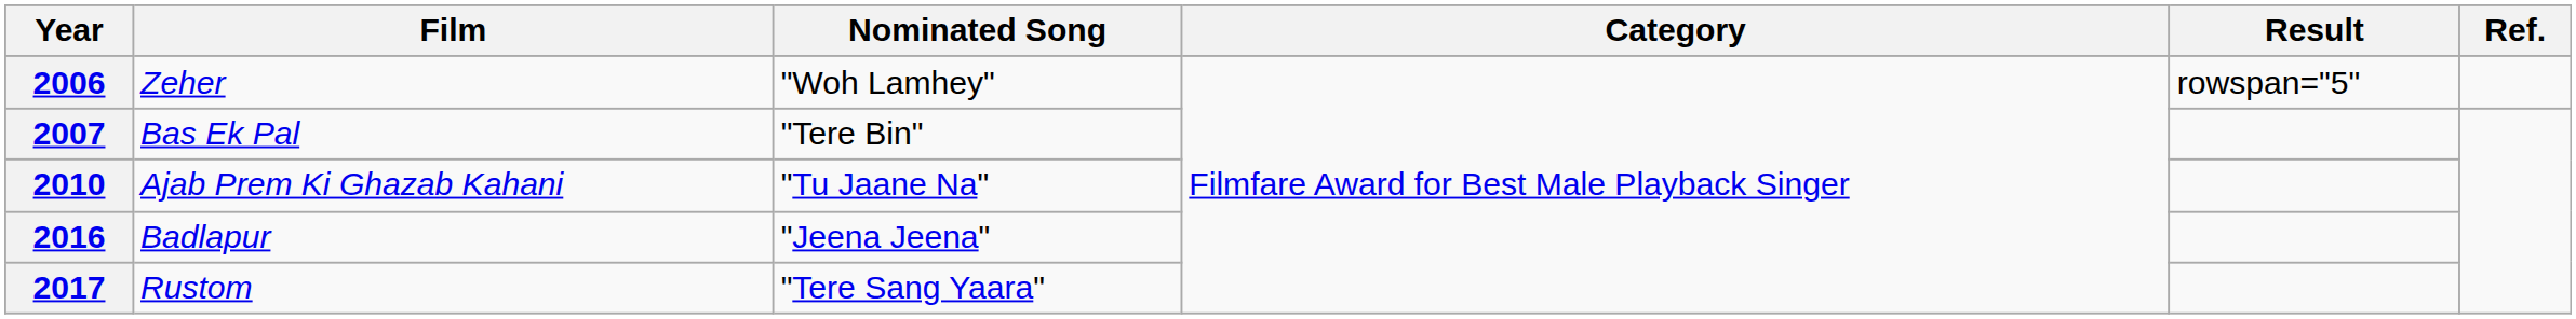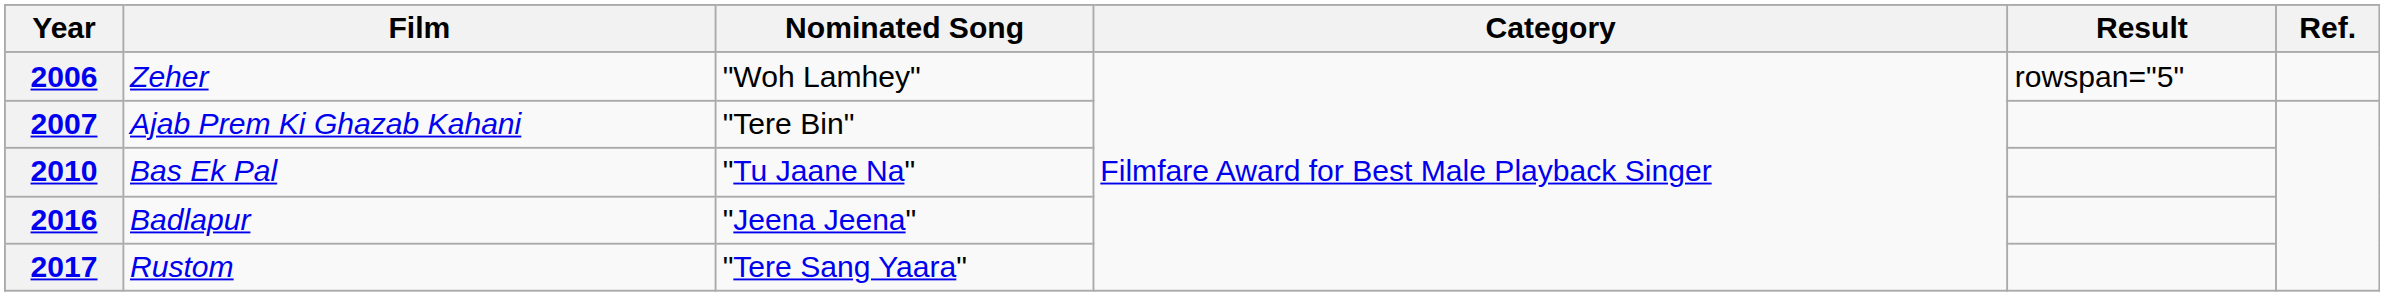 <table class="wikitable plainrowheaders" width="100%" "textcolor:#000;">
 <tr>
 <th>Year</th>
 <th>Film</th>
 <th>Nominated Song</th>
 <th>Category</th>
 <th>Result</th>
 <th>Ref.</th>
 </tr>
 <tr>
 <th><a href='#'>2006</a></th>
 <td><em><a href='#'>Zeher</a></em></td>
 <td>"Woh Lamhey"</td>
 <td rowspan="5"><a href='#'>Filmfare Award for Best Male Playback Singer</a></td>
 <td>rowspan="5" </td>
 <td></td>
 </tr>
 <tr>
 <th><a href='#'>2007</a></th>
-<td><em><a href='#'>Bas Ek Pal</a></em></td>
+<td><em><a href='#'>Ajab Prem Ki Ghazab Kahani</a></em></td>
 <td>"Tere Bin"</td>
 <td></td>
 </tr>
 <tr>
 <th><a href='#'>2010</a></th>
-<td><em><a href='#'>Ajab Prem Ki Ghazab Kahani</a></em></td>
+<td><em><a href='#'>Bas Ek Pal</a></em></td>
 <td>"<a href='#'>Tu Jaane Na</a>"</td>
 <td></td>
 </tr>
 <tr>
 <th><a href='#'>2016</a></th>
 <td><em><a href='#'>Badlapur</a></em></td>
 <td>"<a href='#'>Jeena Jeena</a>"</td>
 <td></td>
 </tr>
 <tr>
 <th><a href='#'>2017</a></th>
 <td><em><a href='#'>Rustom</a></em></td>
 <td>"<a href='#'>Tere Sang Yaara</a>"</td>
 <td></td>
 </tr>
 </table>
